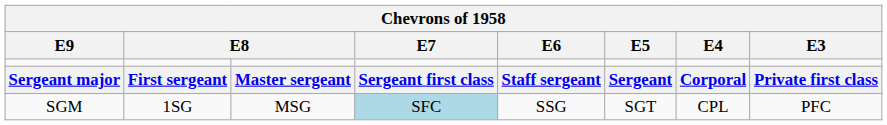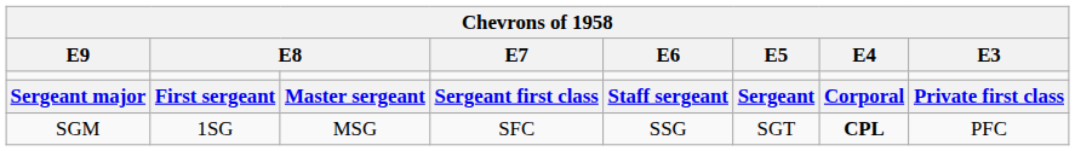 <table align=right class="wikitable" style="text-align:center">
 <tr>
 <th colspan=9>Chevrons of 1958</th>
 </tr>
 <tr>
 <th>E9</th>
 <th Colspan=2>E8</th>
 <th>E7</th>
 <th>E6</th>
 <th>E5</th>
 <th>E4</th>
 <th>E3</th>
 </tr>
 <tr>
 <td></td>
 <td></td>
 <td></td>
 <td></td>
 <td></td>
 <td></td>
 <td></td>
 <td></td>
 </tr>
 <tr>
 <th><a href='#'>Sergeant major</a></th>
 <th><a href='#'>First sergeant</a></th>
 <th><a href='#'>Master sergeant</a></th>
 <th><a href='#'>Sergeant first class</a></th>
 <th><a href='#'>Staff sergeant</a></th>
 <th><a href='#'>Sergeant</a></th>
 <th><a href='#'>Corporal</a></th>
 <th><a href='#'>Private first class</a></th>
 </tr>
 <tr>
 <td>SGM</td>
 <td>1SG</td>
 <td>MSG</td>
-<td style="background: lightblue;">SFC</td>
+<td>SFC</td>
 <td>SSG</td>
 <td>SGT</td>
-<td>CPL</td>
+<td><strong>CPL</strong></td>
 <td>PFC</td>
 </tr>
 </table>
